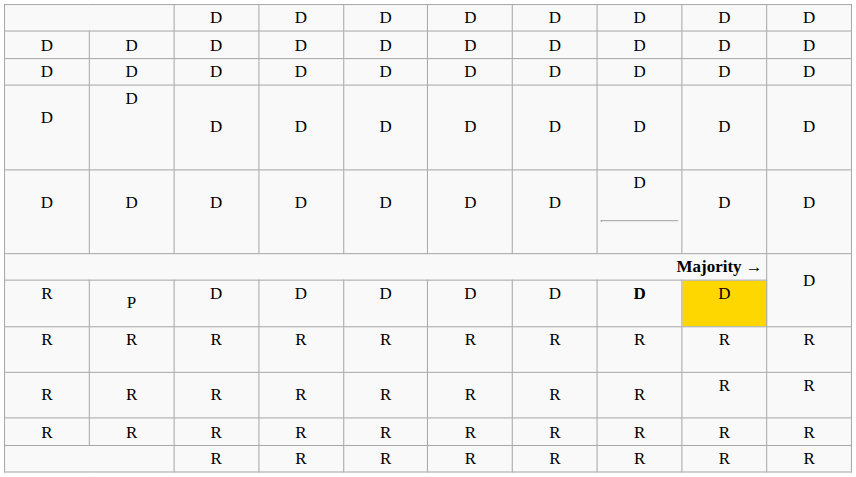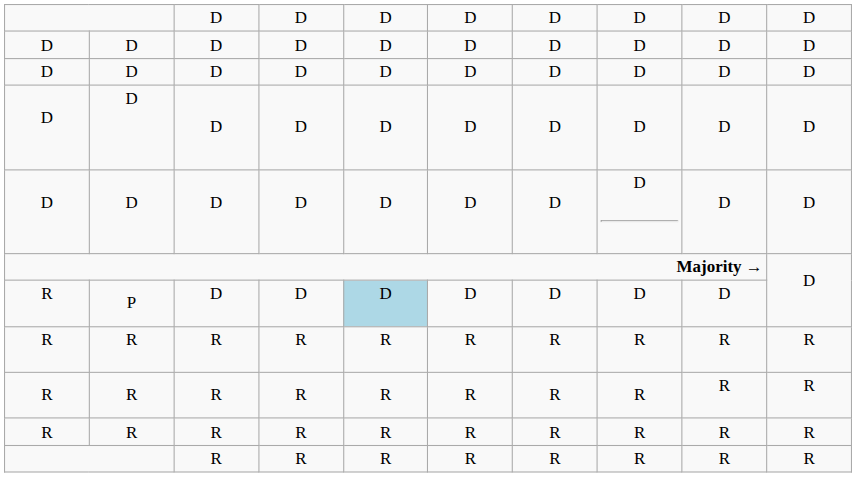 <table class="wikitable"  style="text-align:center; width:800px">
 <tr>
 <td colspan=2></td>
 <td>D</td>
 <td>D</td>
 <td>D</td>
 <td>D</td>
 <td>D</td>
 <td>D</td>
 <td>D</td>
 <td>D</td>
 </tr>
 <tr>
 <td width=50px >D</td>
 <td width=50px >D</td>
 <td width=50px >D</td>
 <td width=50px >D</td>
 <td width=50px >D</td>
 <td width=50px >D</td>
 <td width=50px >D</td>
 <td width=50px >D</td>
 <td width=50px >D</td>
 <td width=50px >D</td>
 </tr>
 <tr>
 <td>D</td>
 <td>D</td>
 <td>D</td>
 <td>D</td>
 <td>D</td>
 <td>D</td>
 <td>D</td>
 <td>D</td>
 <td>D</td>
 <td>D</td>
 </tr>
 <tr>
 <td>D<br><br></td>
 <td>D<br><br><br><br></td>
 <td>D</td>
 <td>D</td>
 <td>D</td>
 <td>D</td>
 <td>D</td>
 <td>D</td>
 <td>D</td>
 <td>D</td>
 </tr>
 <tr>
 <td>D<br><br></td>
 <td>D<br><br></td>
 <td>D<br><br></td>
 <td>D<br><br></td>
 <td>D<br><br></td>
 <td>D<br><br></td>
 <td>D<br><br></td>
 <td>D<br><br><hr><br></td>
 <td>D<br><br></td>
 <td>D<br><br></td>
 </tr>
 <tr>
 <td colspan=9 style="text-align:right"><strong>Majority →</strong></td>
 <td rowspan=2 >D<br><br></td>
 </tr>
 <tr>
 <td>R<br><br></td>
 <td>P</td>
 <td>D<br><br></td>
 <td>D<br><br></td>
+<td style="background: lightblue;">D<br><br></td>
 <td>D<br><br></td>
 <td>D<br><br></td>
 <td>D<br><br></td>
-<td><strong>D<br><br></strong></td>
-<td style="background: gold;">D<br><br></td>
+<td>D<br><br></td>
 </tr>
 <tr>
 <td>R<br><br></td>
 <td>R<br><br></td>
 <td>R<br><br></td>
 <td>R<br><br></td>
 <td>R<br><br></td>
 <td>R<br><br></td>
 <td>R<br><br></td>
 <td>R<br><br></td>
 <td>R<br><br></td>
 <td>R<br><br></td>
 </tr>
 <tr>
 <td>R</td>
 <td>R</td>
 <td>R</td>
 <td>R</td>
 <td>R</td>
 <td>R</td>
 <td>R</td>
 <td>R</td>
 <td>R<br><br></td>
 <td>R<br><br></td>
 </tr>
 <tr>
 <td>R</td>
 <td>R</td>
 <td>R</td>
 <td>R</td>
 <td>R</td>
 <td>R</td>
 <td>R</td>
 <td>R</td>
 <td>R</td>
 <td>R</td>
 </tr>
 <tr>
 <td colspan=2></td>
 <td>R</td>
 <td>R</td>
 <td>R</td>
 <td>R</td>
 <td>R</td>
 <td>R</td>
 <td>R</td>
 <td>R</td>
 </tr>
 </table>
